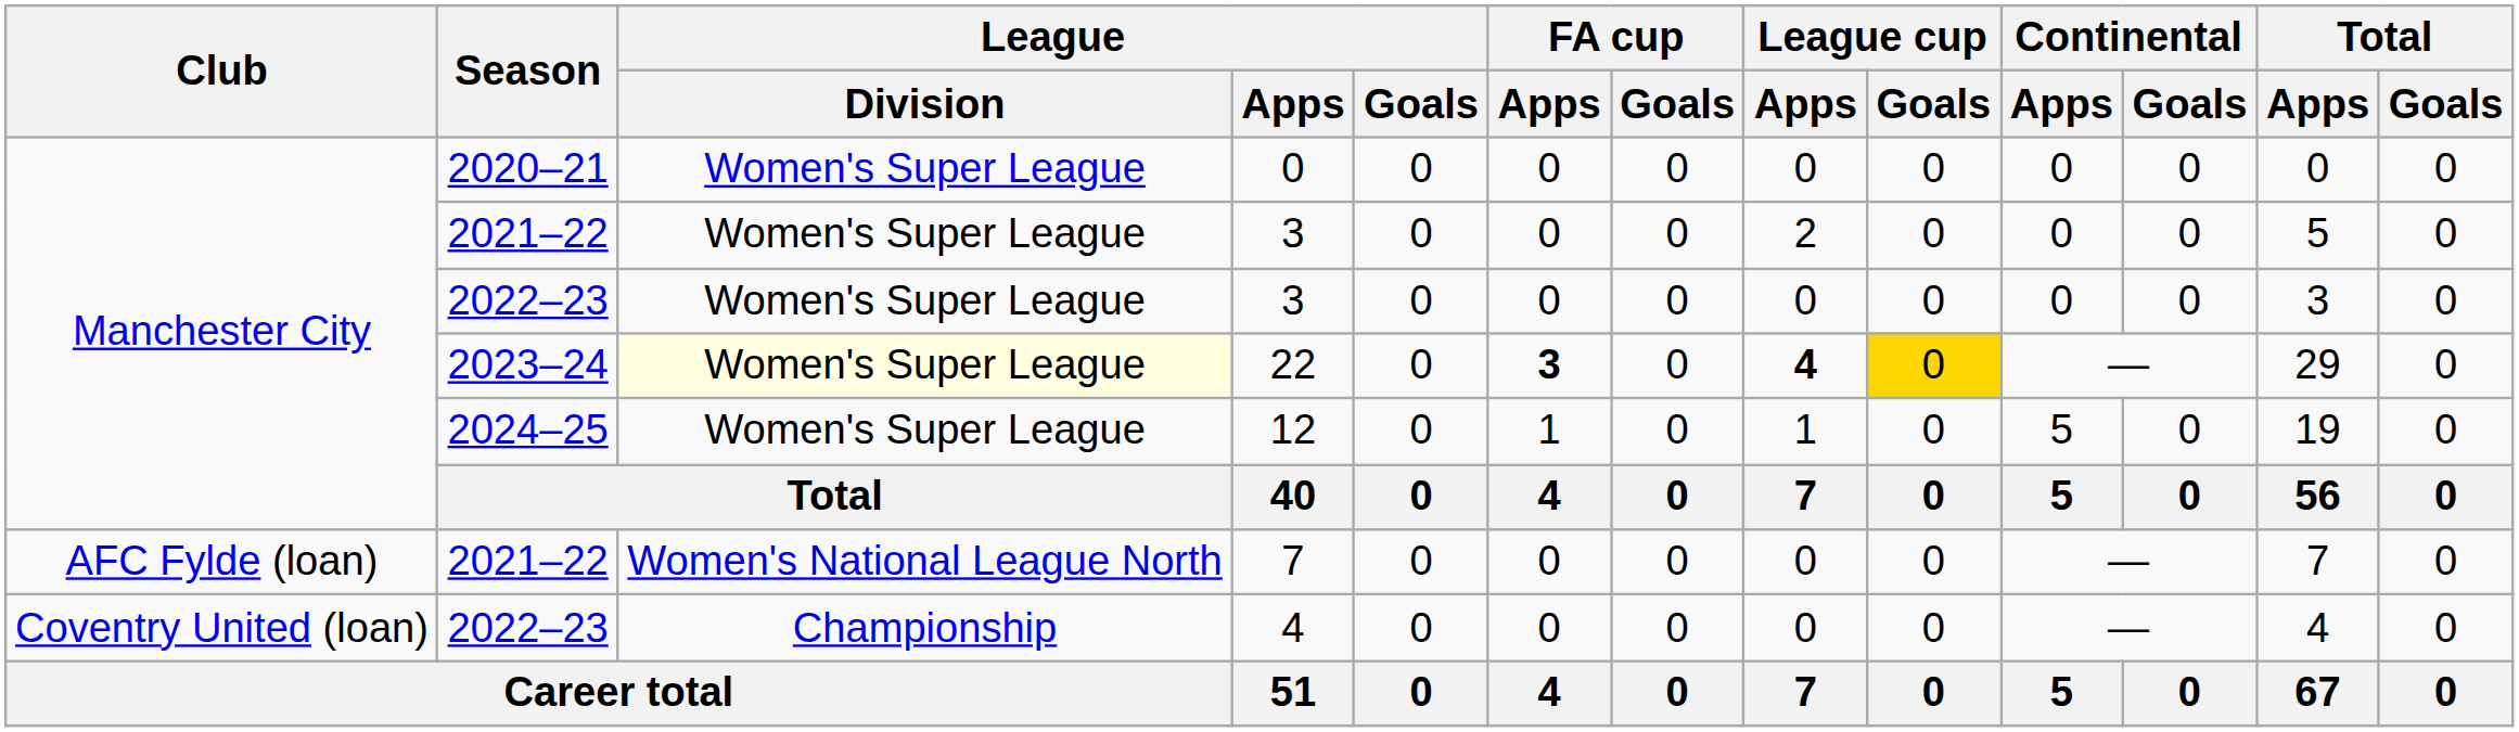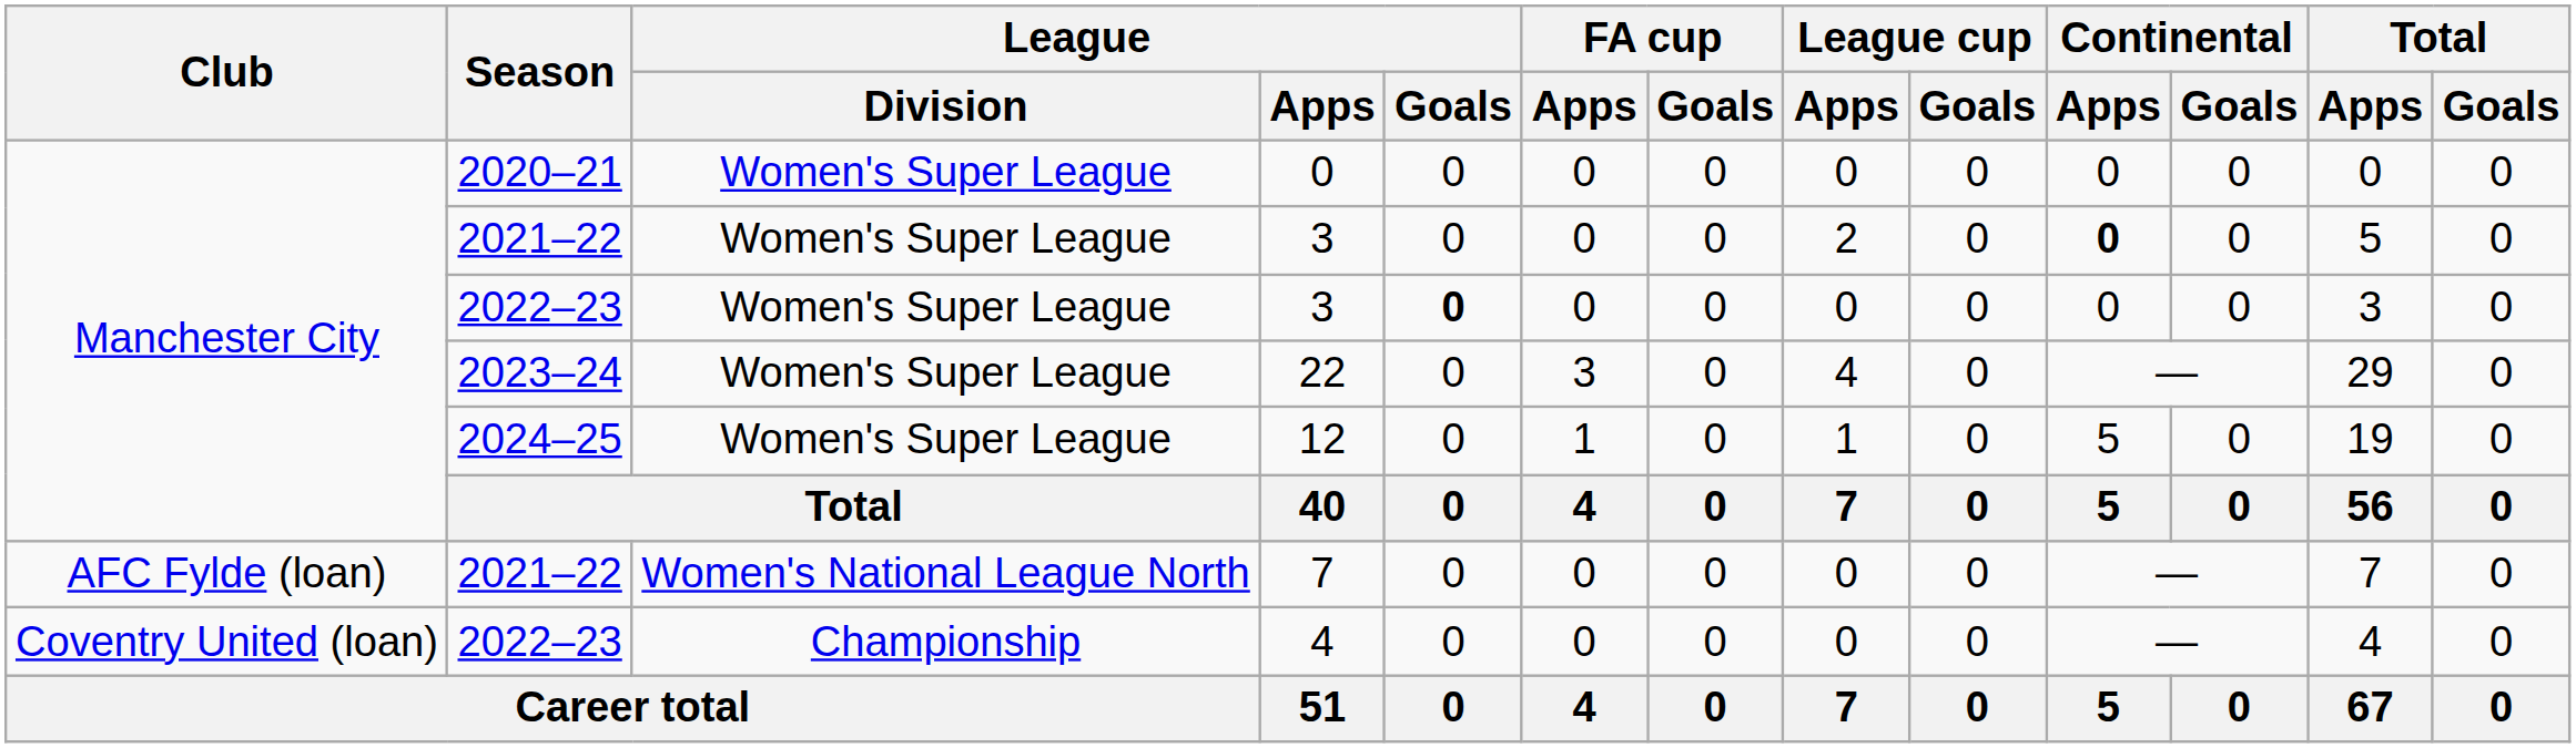 <table class="wikitable" style="text-align:center">
 <tr>
 <th rowspan="2">Club</th>
 <th rowspan="2">Season</th>
 <th colspan="3">League</th>
 <th colspan="2">FA cup</th>
 <th colspan="2">League cup</th>
 <th colspan="2">Continental</th>
 <th colspan="2">Total</th>
 </tr>
 <tr>
 <th>Division</th>
 <th>Apps</th>
 <th>Goals</th>
 <th>Apps</th>
 <th>Goals</th>
 <th>Apps</th>
 <th>Goals</th>
 <th>Apps</th>
 <th>Goals</th>
 <th>Apps</th>
 <th>Goals</th>
 </tr>
 <tr>
 <td rowspan="6"><a href='#'>Manchester City</a></td>
 <td><a href='#'>2020–21</a></td>
 <td><a href='#'>Women's Super League</a></td>
 <td>0</td>
 <td>0</td>
 <td>0</td>
 <td>0</td>
 <td>0</td>
 <td>0</td>
 <td>0</td>
 <td>0</td>
 <td>0</td>
 <td>0</td>
 </tr>
 <tr>
 <td><a href='#'>2021–22</a></td>
 <td>Women's Super League</td>
 <td>3</td>
 <td>0</td>
 <td>0</td>
 <td>0</td>
 <td>2</td>
 <td>0</td>
-<td>0</td>
+<td><strong>0</strong></td>
 <td>0</td>
 <td>5</td>
 <td>0</td>
 </tr>
 <tr>
 <td><a href='#'>2022–23</a></td>
 <td>Women's Super League</td>
 <td>3</td>
-<td>0</td>
+<td><strong>0</strong></td>
 <td>0</td>
 <td>0</td>
 <td>0</td>
 <td>0</td>
 <td>0</td>
 <td>0</td>
 <td>3</td>
 <td>0</td>
 </tr>
 <tr>
 <td><a href='#'>2023–24</a></td>
-<td style="background: lightyellow;">Women's Super League</td>
+<td>Women's Super League</td>
 <td>22</td>
 <td>0</td>
-<td><strong>3</strong></td>
+<td>3</td>
 <td>0</td>
-<td><strong>4</strong></td>
-<td style="background: gold;">0</td>
+<td>4</td>
+<td>0</td>
 <td colspan="2">—</td>
 <td>29</td>
 <td>0</td>
 </tr>
 <tr>
 <td><a href='#'>2024–25</a></td>
 <td>Women's Super League</td>
 <td>12</td>
 <td>0</td>
 <td>1</td>
 <td>0</td>
 <td>1</td>
 <td>0</td>
 <td>5</td>
 <td>0</td>
 <td>19</td>
 <td>0</td>
 </tr>
 <tr>
 <th colspan="2">Total</th>
 <th>40</th>
 <th>0</th>
 <th>4</th>
 <th>0</th>
 <th>7</th>
 <th>0</th>
 <th>5</th>
 <th>0</th>
 <th>56</th>
 <th>0</th>
 </tr>
 <tr>
 <td><a href='#'>AFC Fylde</a> (loan)</td>
 <td><a href='#'>2021–22</a></td>
 <td><a href='#'>Women's National League North</a></td>
 <td>7</td>
 <td>0</td>
 <td>0</td>
 <td>0</td>
 <td>0</td>
 <td>0</td>
 <td colspan="2">—</td>
 <td>7</td>
 <td>0</td>
 </tr>
 <tr>
 <td><a href='#'>Coventry United</a> (loan)</td>
 <td><a href='#'>2022–23</a></td>
 <td><a href='#'>Championship</a></td>
 <td>4</td>
 <td>0</td>
 <td>0</td>
 <td>0</td>
 <td>0</td>
 <td>0</td>
 <td colspan="2">—</td>
 <td>4</td>
 <td>0</td>
 </tr>
 <tr>
 <th colspan="3">Career total</th>
 <th>51</th>
 <th>0</th>
 <th>4</th>
 <th>0</th>
 <th>7</th>
 <th>0</th>
 <th>5</th>
 <th>0</th>
 <th>67</th>
 <th>0</th>
 </tr>
 </table>
